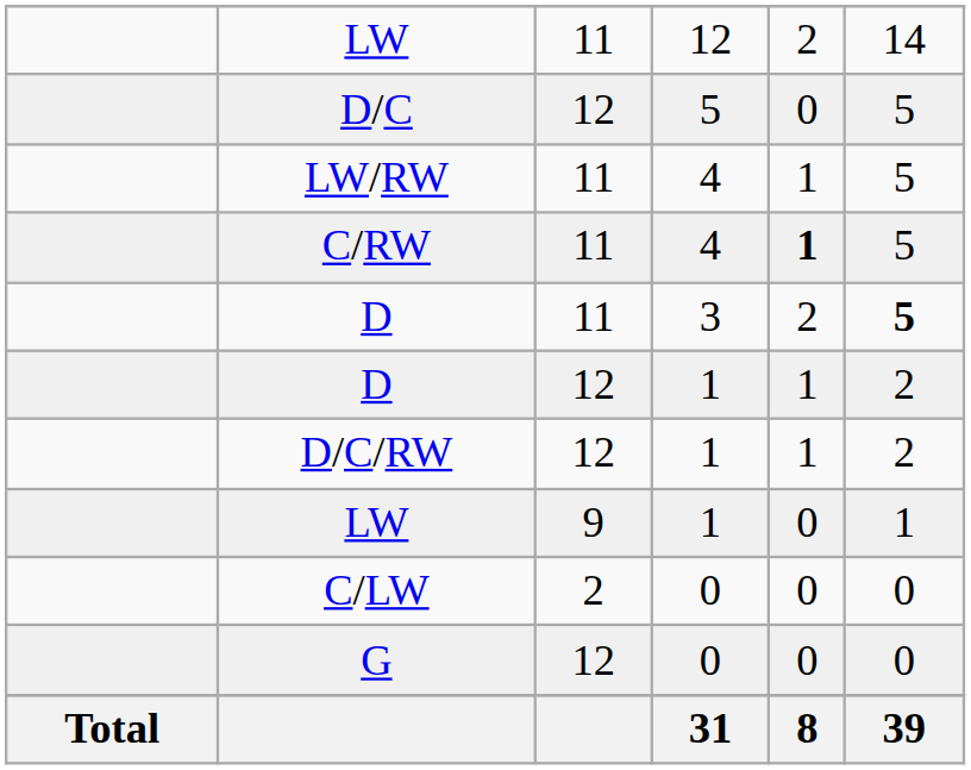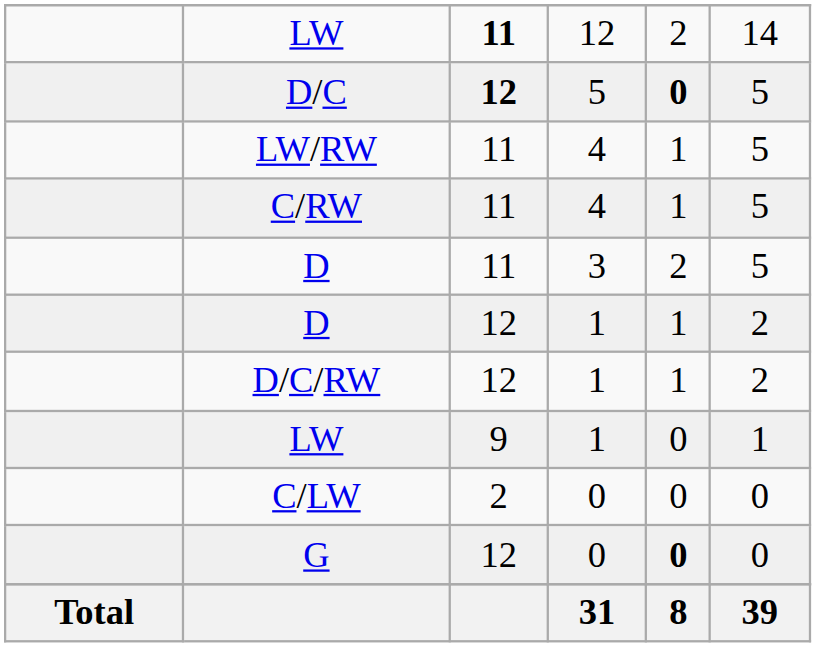 <table class="wikitable sortable" width ="40%">
 <tr align="center">
 </tr>
 <tr align="center" bgcolor="">
 <td></td>
 <td><a href='#'>LW</a></td>
-<td>11</td>
+<td><strong>11</strong></td>
 <td>12</td>
 <td>2</td>
 <td>14</td>
 </tr>
 <tr align="center" bgcolor="f0f0f0">
 <td></td>
 <td><a href='#'>D</a>/<a href='#'>C</a></td>
-<td>12</td>
+<td><strong>12</strong></td>
 <td>5</td>
-<td>0</td>
+<td><strong>0</strong></td>
 <td>5</td>
 </tr>
 <tr align="center" bgcolor="">
 <td></td>
 <td><a href='#'>LW</a>/<a href='#'>RW</a></td>
 <td>11</td>
 <td>4</td>
 <td>1</td>
 <td>5</td>
 </tr>
 <tr align="center" bgcolor="f0f0f0">
 <td></td>
 <td><a href='#'>C</a>/<a href='#'>RW</a></td>
 <td>11</td>
 <td>4</td>
-<td><strong>1</strong></td>
+<td>1</td>
 <td>5</td>
 </tr>
 <tr align="center" bgcolor="">
 <td></td>
 <td><a href='#'>D</a></td>
 <td>11</td>
 <td>3</td>
 <td>2</td>
-<td><strong>5</strong></td>
+<td>5</td>
 </tr>
 <tr align="center" bgcolor="f0f0f0">
 <td></td>
 <td><a href='#'>D</a></td>
 <td>12</td>
 <td>1</td>
 <td>1</td>
 <td>2</td>
 </tr>
 <tr align="center" bgcolor="">
 <td></td>
 <td><a href='#'>D</a>/<a href='#'>C</a>/<a href='#'>RW</a></td>
 <td>12</td>
 <td>1</td>
 <td>1</td>
 <td>2</td>
 </tr>
 <tr align="center" bgcolor="f0f0f0">
 <td></td>
 <td><a href='#'>LW</a></td>
 <td>9</td>
 <td>1</td>
 <td>0</td>
 <td>1</td>
 </tr>
 <tr align="center" bgcolor="">
 <td></td>
 <td><a href='#'>C</a>/<a href='#'>LW</a></td>
 <td>2</td>
 <td>0</td>
 <td>0</td>
 <td>0</td>
 </tr>
 <tr align="center" bgcolor="f0f0f0">
 <td></td>
 <td><a href='#'>G</a></td>
 <td>12</td>
 <td>0</td>
-<td>0</td>
+<td><strong>0</strong></td>
 <td>0</td>
 </tr>
 <tr align="center" bgcolor="">
 </tr>
 <tr>
 <th>Total</th>
 <th></th>
 <th></th>
 <th>31</th>
 <th>8</th>
 <th>39</th>
 </tr>
 </table>
